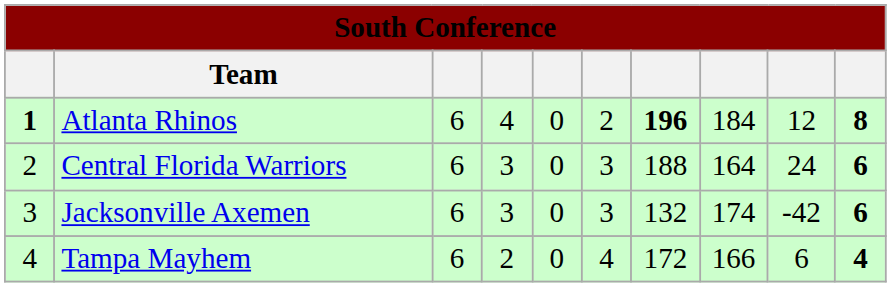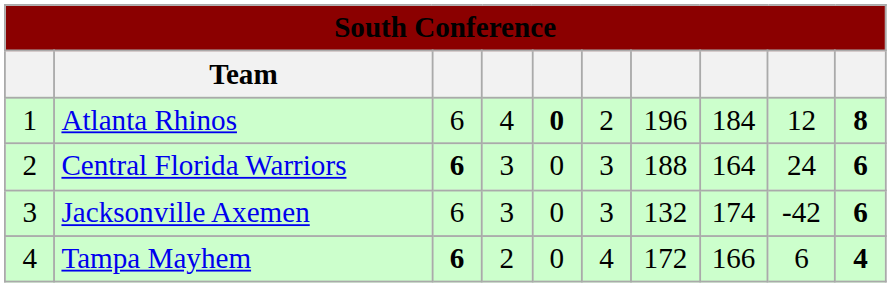 <table class="wikitable" style="text-align:center;">
 <tr>
 <td bgcolor=darkred align="center" colspan="10"><strong><span>South Conference</span></strong></td>
 </tr>
 <tr>
 <th width="20"></th>
 <th width="200">Team</th>
 <th width="20"></th>
 <th width="20"></th>
 <th width="20"></th>
 <th width="20"></th>
 <th width="30"></th>
 <th width="30"></th>
 <th width="30"></th>
 <th width="20"></th>
 </tr>
 <tr style="background: #ccffcc;">
-<td><strong>1</strong></td>
+<td>1</td>
 <td style="text-align:left;"> <a href='#'>Atlanta Rhinos</a></td>
 <td>6</td>
 <td>4</td>
-<td>0</td>
+<td><strong>0</strong></td>
 <td>2</td>
-<td><strong>196</strong></td>
+<td>196</td>
 <td>184</td>
 <td>12</td>
 <td><strong>8</strong></td>
 </tr>
 <tr style="background: #ccffcc;">
 <td>2</td>
 <td style="text-align:left;"> <a href='#'>Central Florida Warriors</a></td>
-<td>6</td>
+<td><strong>6</strong></td>
 <td>3</td>
 <td>0</td>
 <td>3</td>
 <td>188</td>
 <td>164</td>
 <td>24</td>
 <td><strong>6</strong></td>
 </tr>
 <tr style="background: #ccffcc;">
 <td>3</td>
 <td style="text-align:left;"> <a href='#'>Jacksonville Axemen</a></td>
 <td>6</td>
 <td>3</td>
 <td>0</td>
 <td>3</td>
 <td>132</td>
 <td>174</td>
 <td>-42</td>
 <td><strong>6</strong></td>
 </tr>
 <tr style="background: #ccffcc;">
 <td>4</td>
 <td style="text-align:left;"> <a href='#'>Tampa Mayhem</a></td>
-<td>6</td>
+<td><strong>6</strong></td>
 <td>2</td>
 <td>0</td>
 <td>4</td>
 <td>172</td>
 <td>166</td>
 <td>6</td>
 <td><strong>4</strong></td>
 </tr>
 </table>
